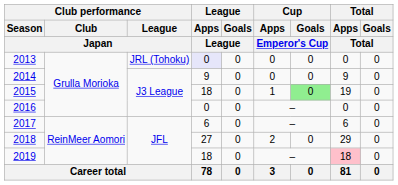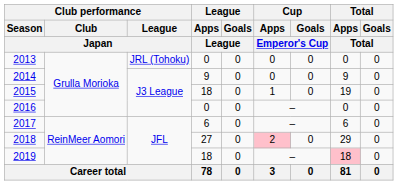 <table class="wikitable" style="text-align:center">
 <tr>
 <th colspan=3>Club performance</th>
 <th colspan=2>League</th>
 <th colspan=2>Cup</th>
 <th colspan=2>Total</th>
 </tr>
 <tr>
 <th>Season</th>
 <th>Club</th>
 <th>League</th>
 <th>Apps</th>
 <th>Goals</th>
 <th>Apps</th>
 <th>Goals</th>
 <th>Apps</th>
 <th>Goals</th>
 </tr>
 <tr>
 <th colspan=3>Japan</th>
 <th colspan=2>League</th>
 <th colspan=2><a href='#'>Emperor's Cup</a></th>
 <th colspan=2>Total</th>
 </tr>
 <tr>
 <td><a href='#'>2013</a></td>
 <td rowspan="4"><a href='#'>Grulla Morioka</a></td>
 <td><a href='#'>JRL (Tohoku)</a></td>
-<td style="background: lavender;">0</td>
+<td>0</td>
 <td>0</td>
 <td>0</td>
 <td>0</td>
 <td>0</td>
 <td>0</td>
 </tr>
 <tr>
 <td><a href='#'>2014</a></td>
 <td rowspan="3"><a href='#'>J3 League</a></td>
 <td>9</td>
 <td>0</td>
 <td>0</td>
 <td>0</td>
 <td>9</td>
 <td>0</td>
 </tr>
 <tr>
 <td><a href='#'>2015</a></td>
 <td>18</td>
 <td>0</td>
 <td>1</td>
-<td style="background: lightgreen;">0</td>
+<td>0</td>
 <td>19</td>
 <td>0</td>
 </tr>
 <tr>
 <td><a href='#'>2016</a></td>
 <td>0</td>
 <td>0</td>
 <td colspan="2">–</td>
 <td>0</td>
 <td>0</td>
 </tr>
 <tr>
 <td><a href='#'>2017</a></td>
 <td rowspan="3"><a href='#'>ReinMeer Aomori</a></td>
 <td rowspan="3"><a href='#'>JFL</a></td>
 <td>6</td>
 <td>0</td>
 <td colspan="2">–</td>
 <td>6</td>
 <td>0</td>
 </tr>
 <tr>
 <td><a href='#'>2018</a></td>
 <td>27</td>
 <td>0</td>
-<td>2</td>
+<td style="background: pink;">2</td>
 <td>0</td>
 <td>29</td>
 <td>0</td>
 </tr>
 <tr>
 <td><a href='#'>2019</a></td>
 <td>18</td>
 <td>0</td>
 <td colspan="2">–</td>
 <td style="background: pink;">18</td>
 <td>0</td>
 </tr>
 <tr>
 <th colspan=3>Career total</th>
 <th>78</th>
 <th>0</th>
 <th>3</th>
 <th>0</th>
 <th>81</th>
 <th>0</th>
 </tr>
 </table>
